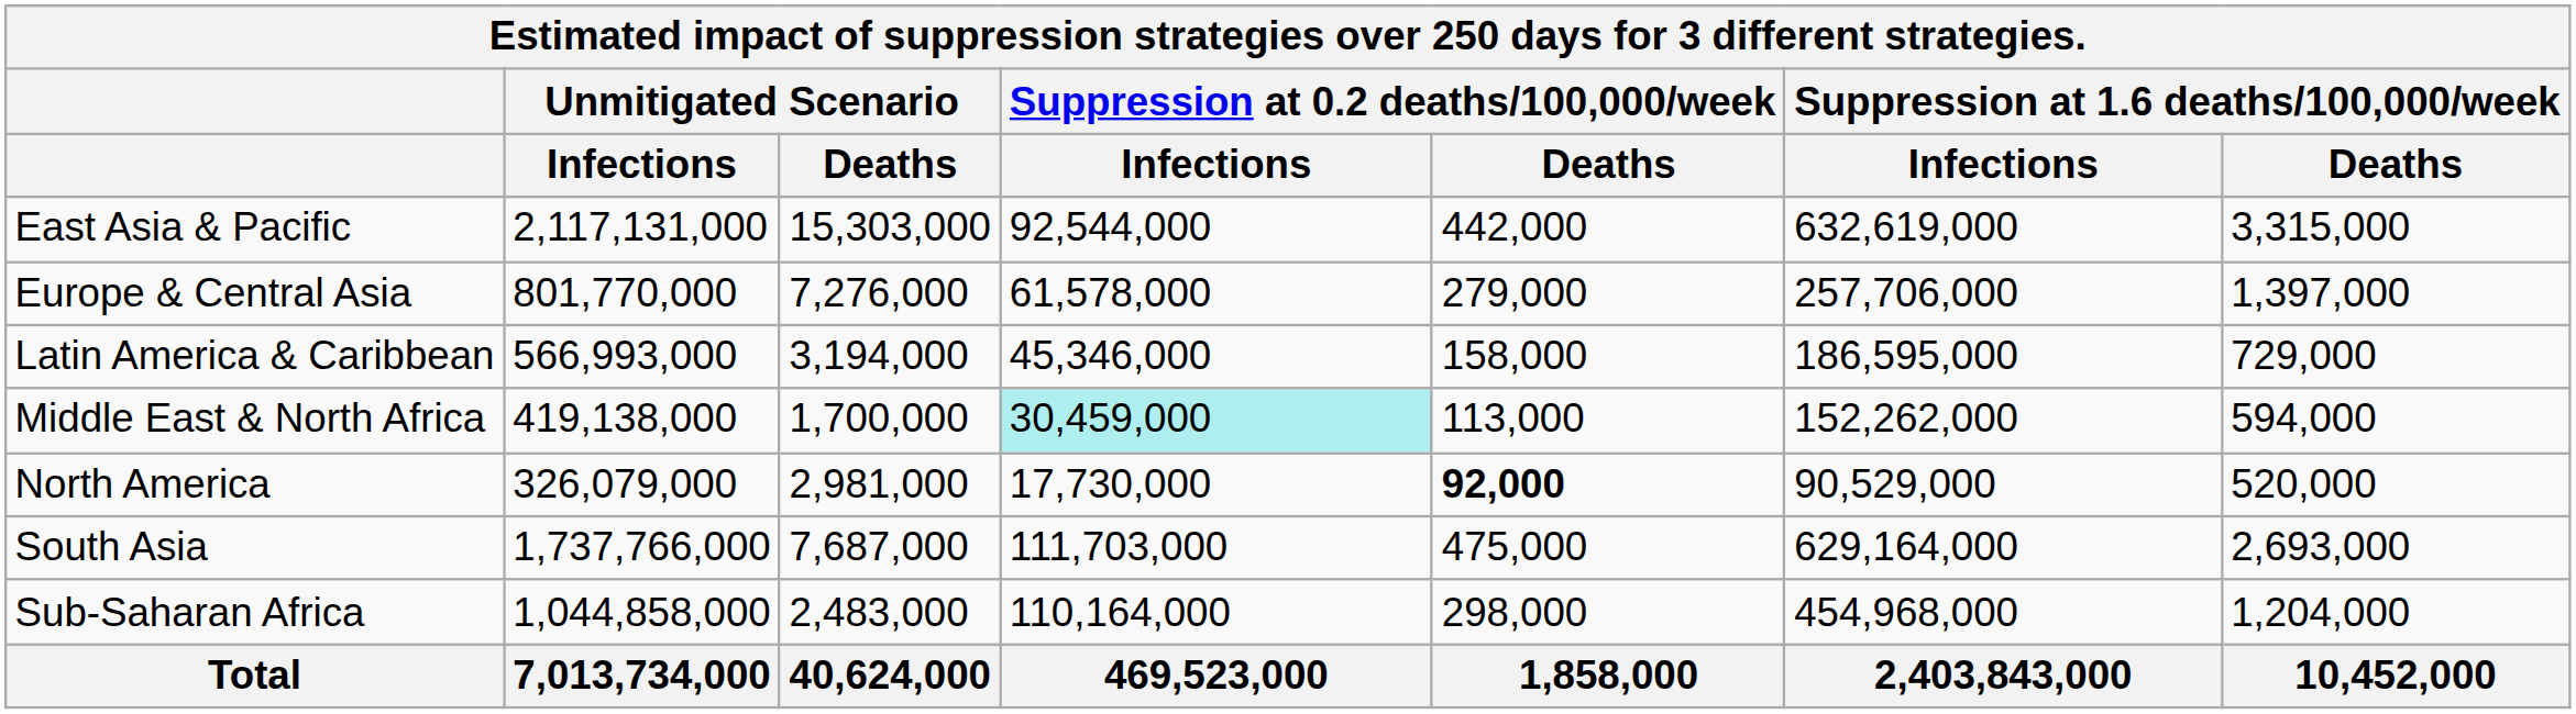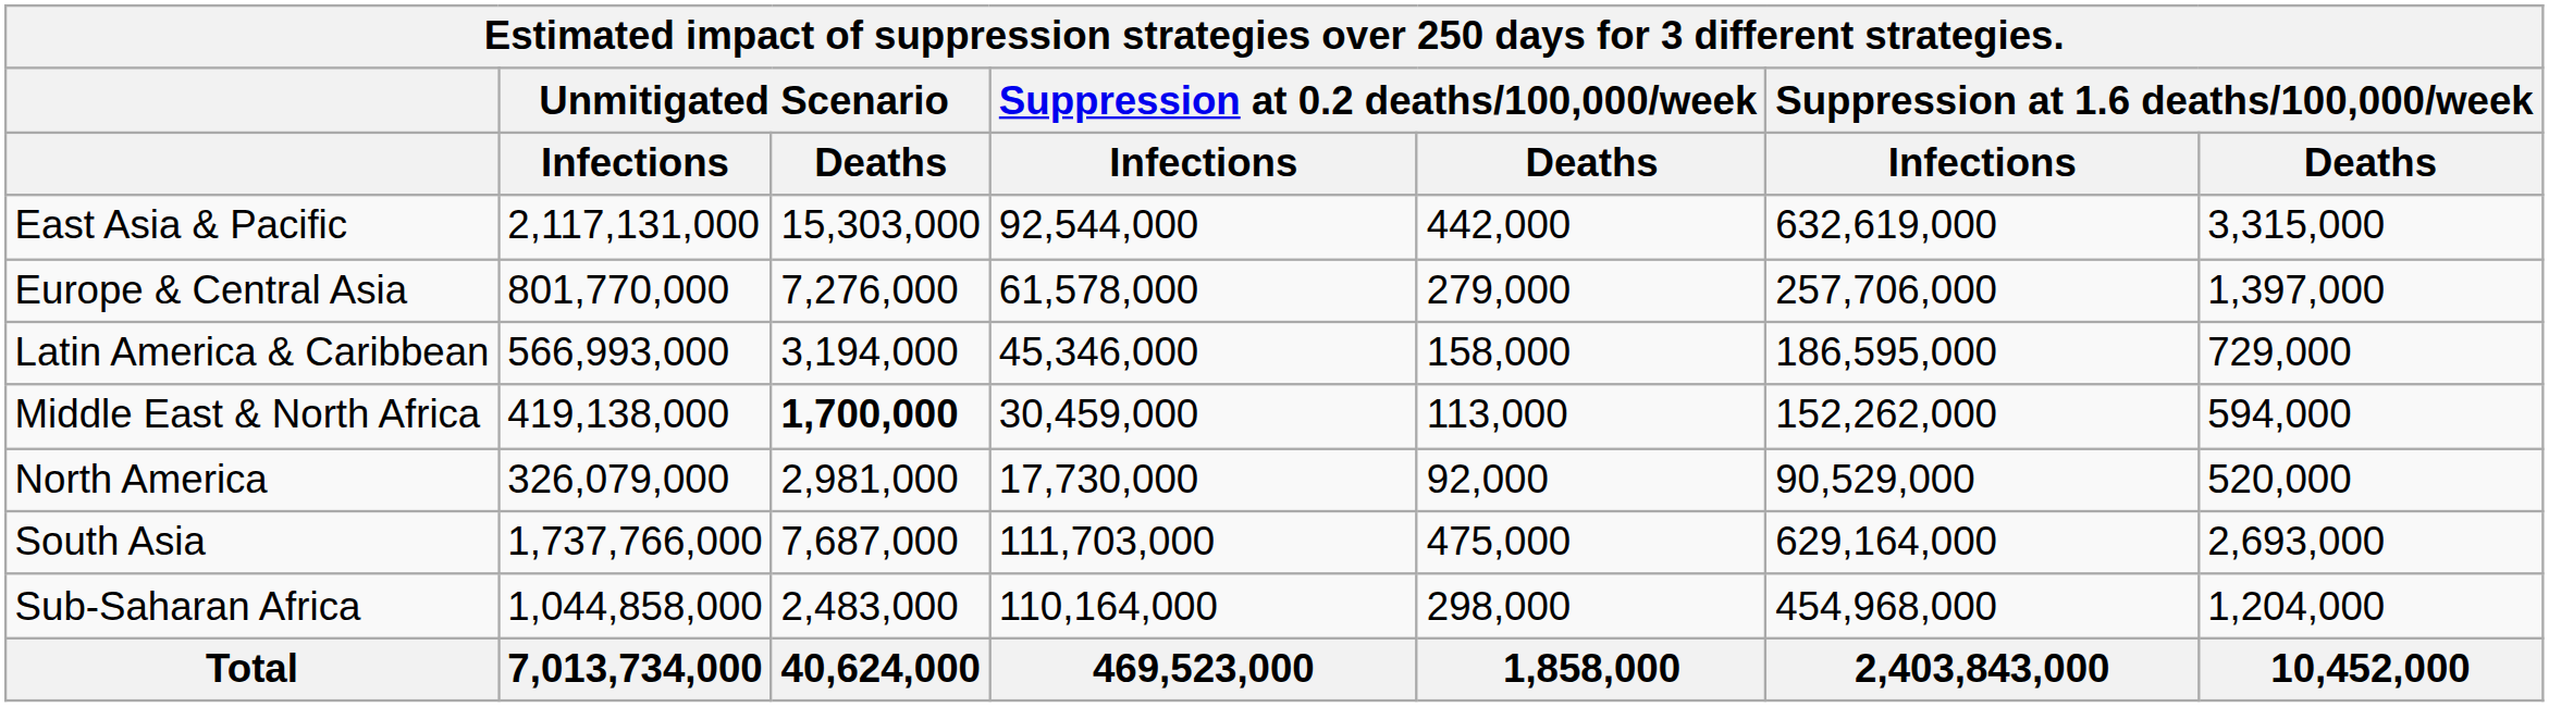 <table class="wikitable sortable">
 <tr>
 <th colspan="7">Estimated impact of suppression strategies over 250 days for 3 different strategies.</th>
 </tr>
 <tr>
 <th></th>
 <th colspan="2">Unmitigated Scenario</th>
 <th colspan="2"><a href='#'>Suppression</a> at 0.2 deaths/100,000/week</th>
 <th colspan="2">Suppression at 1.6 deaths/100,000/week</th>
 </tr>
 <tr>
 <th></th>
 <th>Infections</th>
 <th>Deaths</th>
 <th>Infections</th>
 <th>Deaths</th>
 <th>Infections</th>
 <th>Deaths</th>
 </tr>
 <tr>
 <td>East Asia & Pacific</td>
 <td>2,117,131,000</td>
 <td>15,303,000</td>
 <td>92,544,000</td>
 <td>442,000</td>
 <td>632,619,000</td>
 <td>3,315,000</td>
 </tr>
 <tr>
 <td>Europe & Central Asia</td>
 <td>801,770,000</td>
 <td>7,276,000</td>
 <td>61,578,000</td>
 <td>279,000</td>
 <td>257,706,000</td>
 <td>1,397,000</td>
 </tr>
 <tr>
 <td>Latin America & Caribbean</td>
 <td>566,993,000</td>
 <td>3,194,000</td>
 <td>45,346,000</td>
 <td>158,000</td>
 <td>186,595,000</td>
 <td>729,000</td>
 </tr>
 <tr>
 <td>Middle East & North Africa</td>
 <td>419,138,000</td>
-<td>1,700,000</td>
-<td style="background: paleturquoise;">30,459,000</td>
+<td><strong>1,700,000</strong></td>
+<td>30,459,000</td>
 <td>113,000</td>
 <td>152,262,000</td>
 <td>594,000</td>
 </tr>
 <tr>
 <td>North America</td>
 <td>326,079,000</td>
 <td>2,981,000</td>
 <td>17,730,000</td>
-<td><strong>92,000</strong></td>
+<td>92,000</td>
 <td>90,529,000</td>
 <td>520,000</td>
 </tr>
 <tr>
 <td>South Asia</td>
 <td>1,737,766,000</td>
 <td>7,687,000</td>
 <td>111,703,000</td>
 <td>475,000</td>
 <td>629,164,000</td>
 <td>2,693,000</td>
 </tr>
 <tr>
 <td>Sub-Saharan Africa</td>
 <td>1,044,858,000</td>
 <td>2,483,000</td>
 <td>110,164,000</td>
 <td>298,000</td>
 <td>454,968,000</td>
 <td>1,204,000</td>
 </tr>
 <tr class="sortbottom">
 <th>Total</th>
 <th>7,013,734,000</th>
 <th>40,624,000</th>
 <th>469,523,000</th>
 <th>1,858,000</th>
 <th>2,403,843,000</th>
 <th>10,452,000</th>
 </tr>
 </table>
